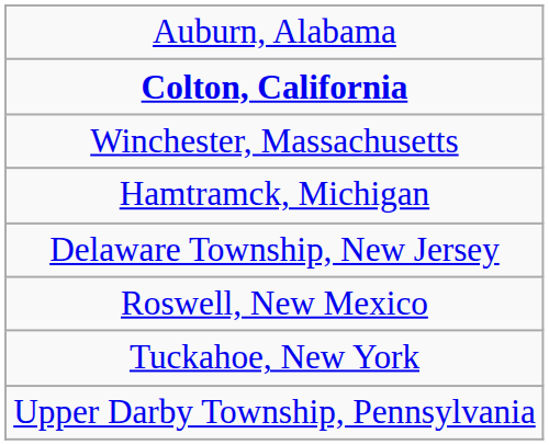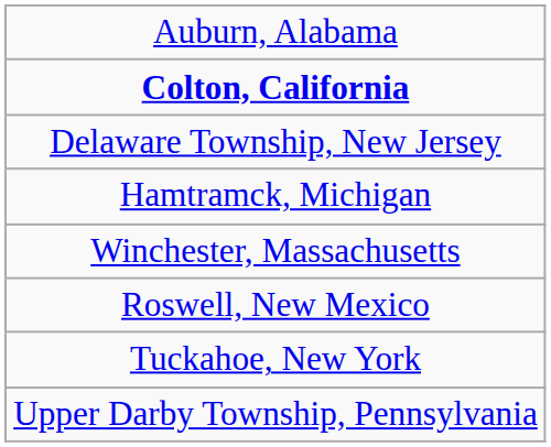 <table class="wikitable" style="text-align: center;">
 <tr>
 <td> <a href='#'>Auburn, Alabama</a></td>
 </tr>
 <tr>
 <td><strong> <a href='#'>Colton, California</a></strong></td>
 </tr>
 <tr>
-<td> <a href='#'>Winchester, Massachusetts</a></td>
+<td> <a href='#'>Delaware Township, New Jersey</a></td>
 </tr>
 <tr>
 <td> <a href='#'>Hamtramck, Michigan</a></td>
 </tr>
 <tr>
-<td> <a href='#'>Delaware Township, New Jersey</a></td>
+<td> <a href='#'>Winchester, Massachusetts</a></td>
 </tr>
 <tr>
 <td> <a href='#'>Roswell, New Mexico</a></td>
 </tr>
 <tr>
 <td> <a href='#'>Tuckahoe, New York</a></td>
 </tr>
 <tr>
 <td> <a href='#'>Upper Darby Township, Pennsylvania</a></td>
 </tr>
 </table>
